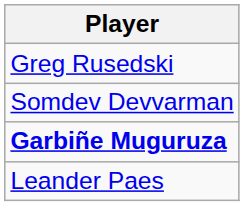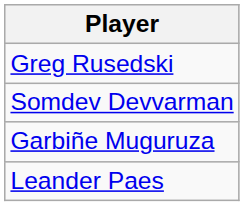 <table class="wikitable">
 <tr>
 <th>Player</th>
 </tr>
 <tr>
 <td> <a href='#'>Greg Rusedski</a></td>
 </tr>
 <tr>
 <td> <a href='#'>Somdev Devvarman</a></td>
 </tr>
 <tr>
-<td><strong> <a href='#'>Garbiñe Muguruza</a></strong></td>
+<td> <a href='#'>Garbiñe Muguruza</a></td>
 </tr>
 <tr>
 <td> <a href='#'>Leander Paes</a></td>
 </tr>
 </table>
